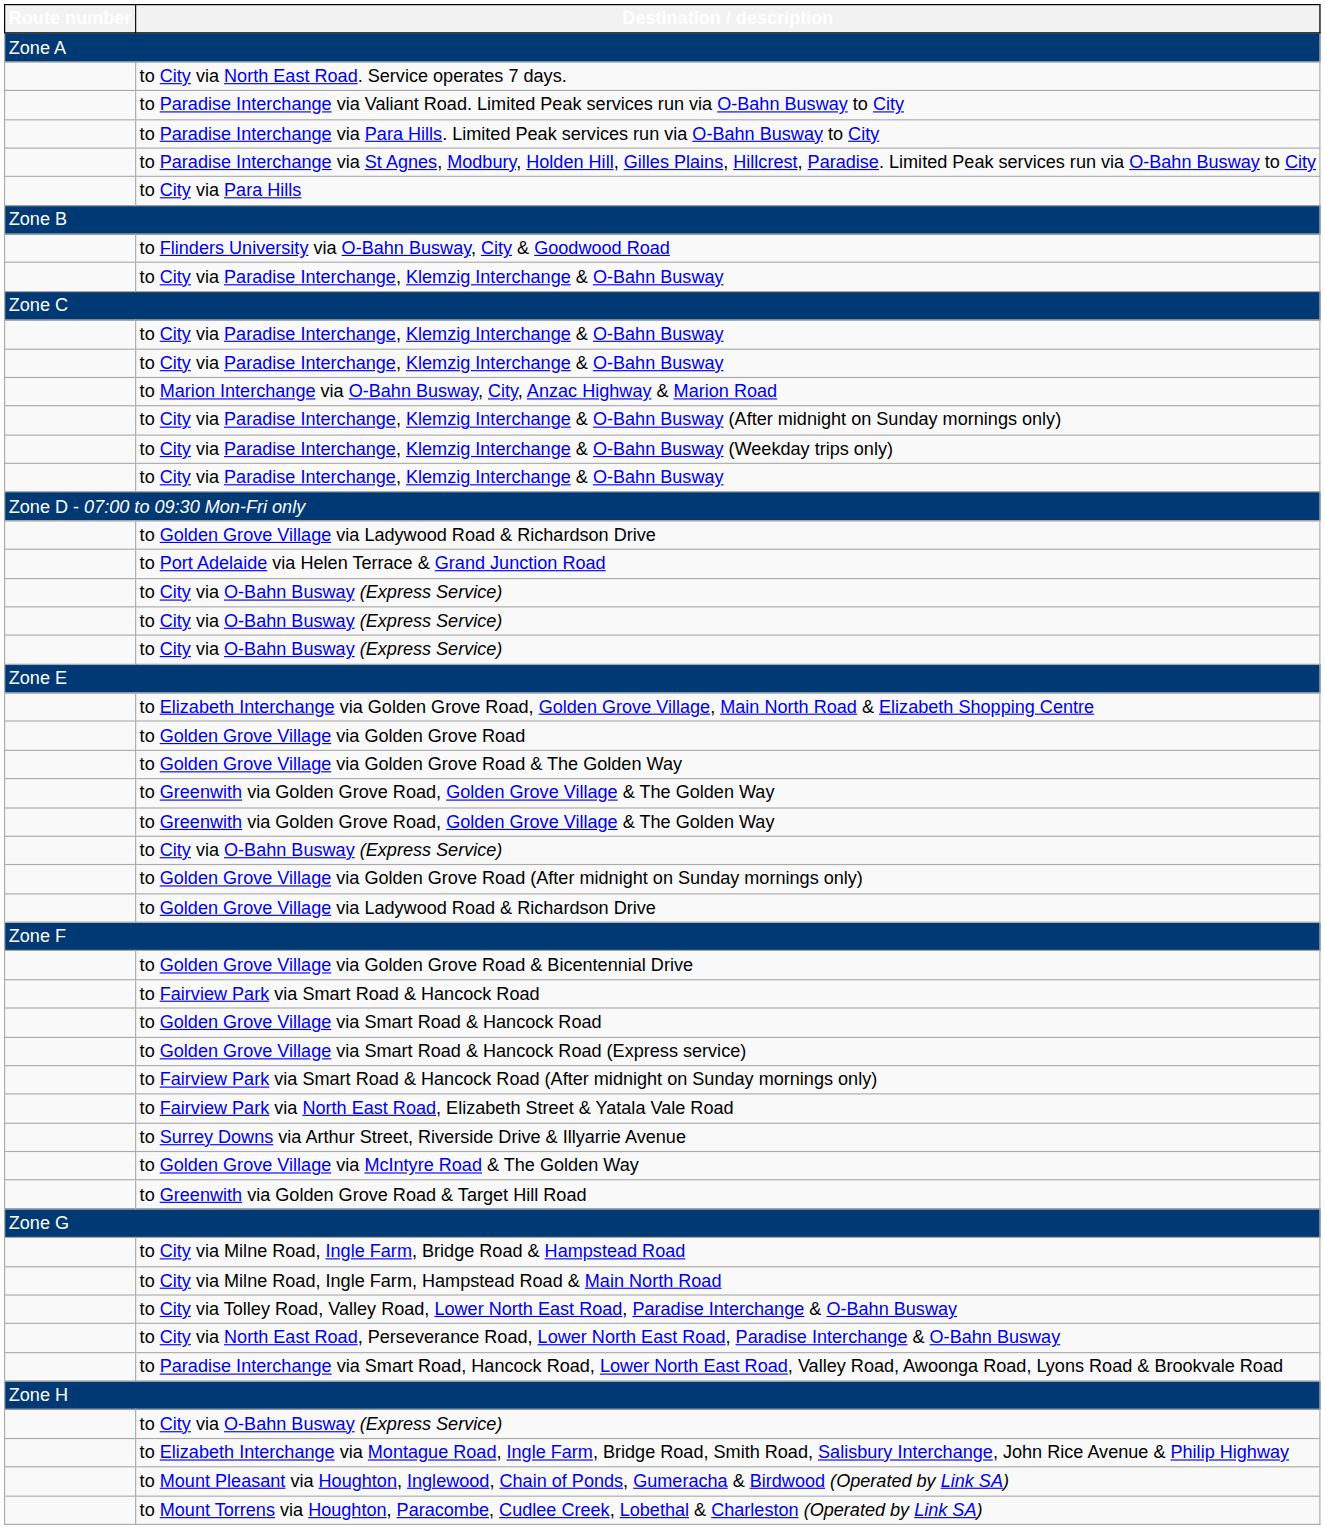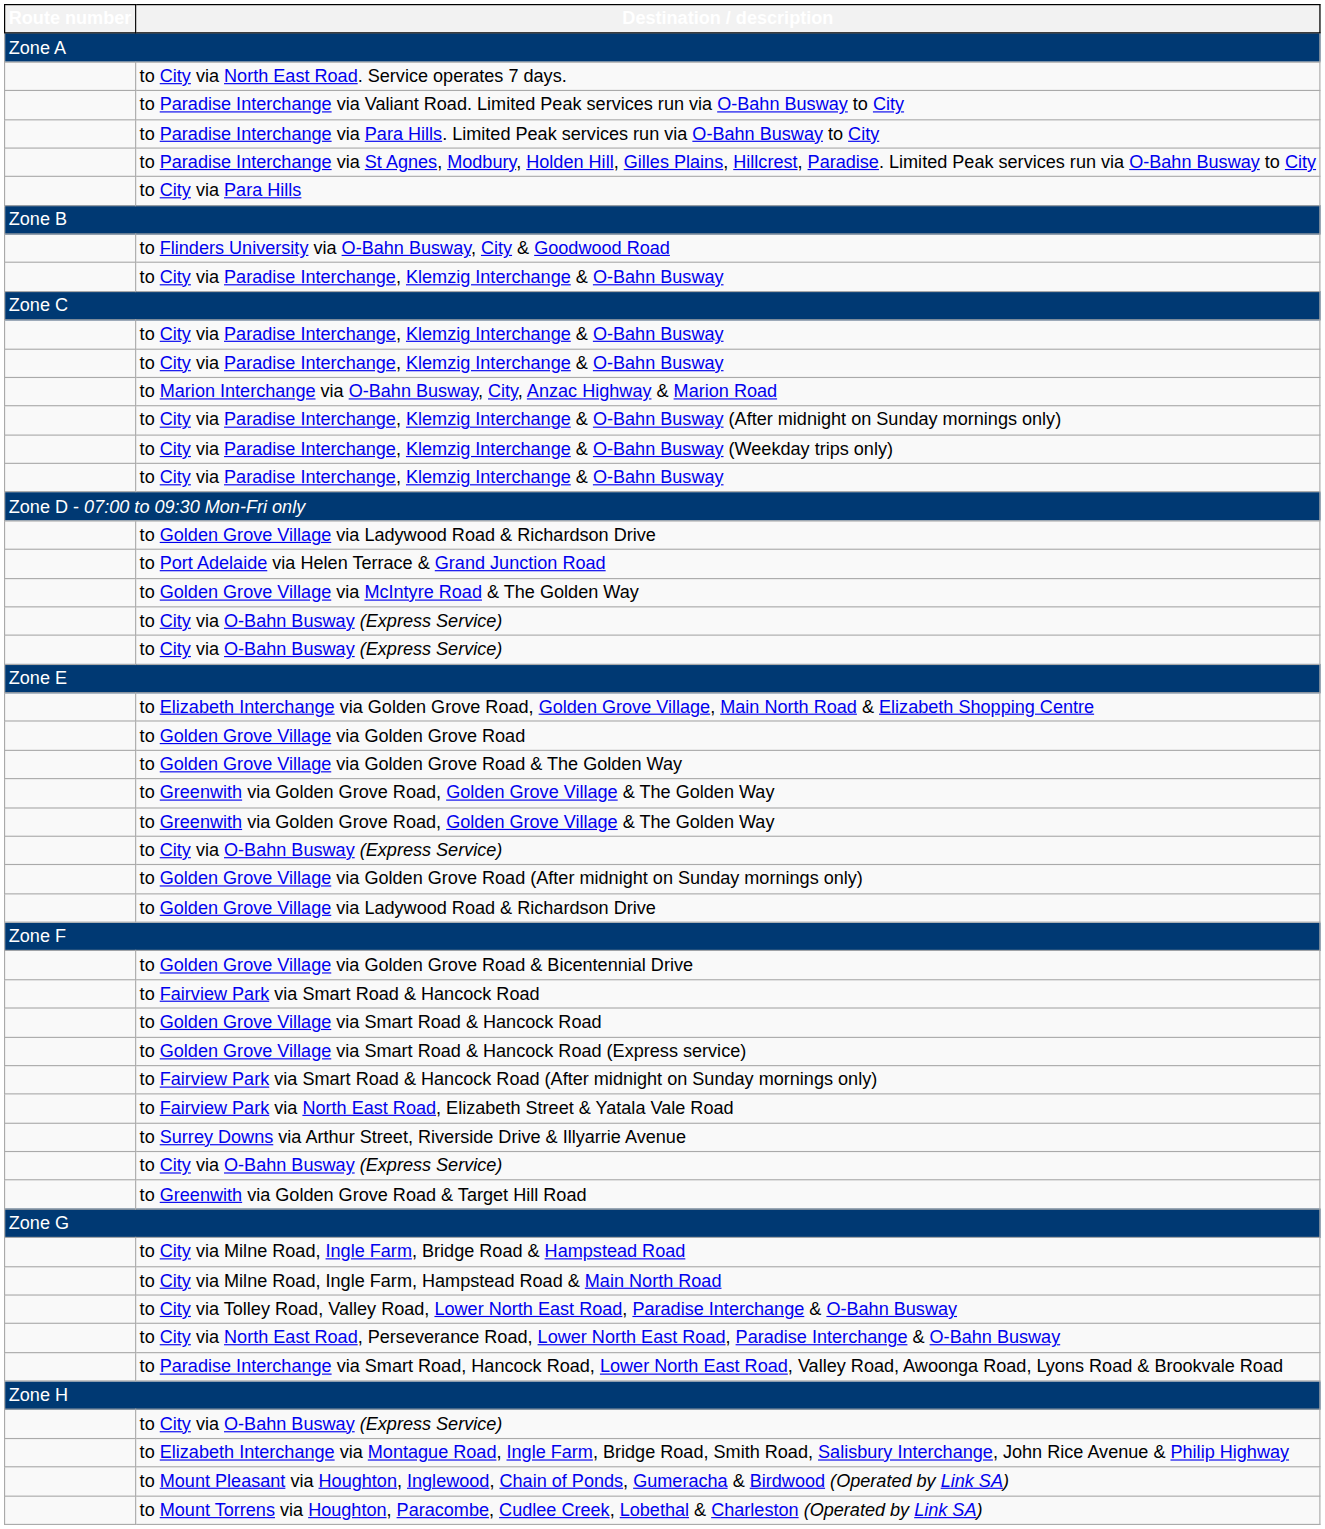 <table class="wikitable" style="float: none; margin-center: 1em; margin-bottom: 0.5em; border: black solid 1px">
 <tr style="color:white; background:#231e20;">
 <th style="border: black solid 1px;">Route number</th>
 <th style="border: black solid 1px;">Destination / description</th>
 </tr>
 <tr>
 <td colspan="2" style="color:white; background:#003973;">Zone A</td>
 </tr>
 <tr>
 <td></td>
 <td>to <a href='#'>City</a> via <a href='#'>North East Road</a>. Service operates 7 days.</td>
 </tr>
 <tr>
 <td></td>
 <td>to <a href='#'>Paradise Interchange</a> via Valiant Road. Limited Peak services run via <a href='#'>O-Bahn Busway</a> to <a href='#'>City</a></td>
 </tr>
 <tr>
 <td></td>
 <td>to <a href='#'>Paradise Interchange</a> via <a href='#'>Para Hills</a>. Limited Peak services run via <a href='#'>O-Bahn Busway</a> to <a href='#'>City</a></td>
 </tr>
 <tr>
 <td></td>
 <td>to <a href='#'>Paradise Interchange</a> via <a href='#'>St Agnes</a>, <a href='#'>Modbury</a>, <a href='#'>Holden Hill</a>, <a href='#'>Gilles Plains</a>, <a href='#'>Hillcrest</a>, <a href='#'>Paradise</a>. Limited Peak services run via <a href='#'>O-Bahn Busway</a> to <a href='#'>City</a></td>
 </tr>
 <tr>
 <td></td>
 <td>to <a href='#'>City</a> via <a href='#'>Para Hills</a></td>
 </tr>
 <tr>
 <td colspan="2" style="color:white; background:#003973;">Zone B</td>
 </tr>
 <tr>
 <td></td>
 <td>to <a href='#'>Flinders University</a> via <a href='#'>O-Bahn Busway</a>, <a href='#'>City</a> & <a href='#'>Goodwood Road</a></td>
 </tr>
 <tr>
 <td></td>
 <td>to <a href='#'>City</a> via <a href='#'>Paradise Interchange</a>, <a href='#'>Klemzig Interchange</a> & <a href='#'>O-Bahn Busway</a></td>
 </tr>
 <tr>
 <td colspan="2" style="color:white; background:#003973;">Zone C</td>
 </tr>
 <tr>
 <td></td>
 <td>to <a href='#'>City</a> via <a href='#'>Paradise Interchange</a>, <a href='#'>Klemzig Interchange</a> & <a href='#'>O-Bahn Busway</a></td>
 </tr>
 <tr>
 <td></td>
 <td>to <a href='#'>City</a> via <a href='#'>Paradise Interchange</a>, <a href='#'>Klemzig Interchange</a> & <a href='#'>O-Bahn Busway</a></td>
 </tr>
 <tr>
 <td></td>
 <td>to <a href='#'>Marion Interchange</a> via <a href='#'>O-Bahn Busway</a>, <a href='#'>City</a>, <a href='#'>Anzac Highway</a> & <a href='#'>Marion Road</a></td>
 </tr>
 <tr>
 <td></td>
 <td>to <a href='#'>City</a> via <a href='#'>Paradise Interchange</a>, <a href='#'>Klemzig Interchange</a> & <a href='#'>O-Bahn Busway</a> (After midnight on Sunday mornings only)</td>
 </tr>
 <tr>
 <td></td>
 <td>to <a href='#'>City</a> via <a href='#'>Paradise Interchange</a>, <a href='#'>Klemzig Interchange</a> & <a href='#'>O-Bahn Busway</a> (Weekday trips only)</td>
 </tr>
 <tr>
 <td></td>
 <td>to <a href='#'>City</a> via <a href='#'>Paradise Interchange</a>, <a href='#'>Klemzig Interchange</a> & <a href='#'>O-Bahn Busway</a></td>
 </tr>
 <tr>
 <td colspan="2" style="color:white; background:#003973;">Zone D - <em>07:00 to 09:30 Mon-Fri only</em></td>
 </tr>
 <tr>
 <td></td>
 <td>to <a href='#'>Golden Grove Village</a> via Ladywood Road & Richardson Drive</td>
 </tr>
 <tr>
 <td></td>
 <td>to <a href='#'>Port Adelaide</a> via Helen Terrace & <a href='#'>Grand Junction Road</a></td>
 </tr>
 <tr>
 <td></td>
-<td>to <a href='#'>City</a>  via <a href='#'>O-Bahn Busway</a> <em>(Express Service)</em></td>
+<td>to <a href='#'>Golden Grove Village</a> via <a href='#'>McIntyre Road</a> & The Golden Way</td>
 </tr>
 <tr>
 <td></td>
 <td>to <a href='#'>City</a>  via <a href='#'>O-Bahn Busway</a> <em>(Express Service)</em></td>
 </tr>
 <tr>
 <td></td>
 <td>to <a href='#'>City</a>  via <a href='#'>O-Bahn Busway</a> <em>(Express Service)</em></td>
 </tr>
 <tr>
 <td colspan="2" style="color:white; background:#003973;">Zone E</td>
 </tr>
 <tr>
 <td></td>
 <td>to <a href='#'>Elizabeth Interchange</a> via Golden Grove Road, <a href='#'>Golden Grove Village</a>, <a href='#'>Main North Road</a> & <a href='#'>Elizabeth Shopping Centre</a></td>
 </tr>
 <tr>
 <td></td>
 <td>to <a href='#'>Golden Grove Village</a> via Golden Grove Road</td>
 </tr>
 <tr>
 <td></td>
 <td>to <a href='#'>Golden Grove Village</a> via Golden Grove Road & The Golden Way</td>
 </tr>
 <tr>
 <td></td>
 <td>to <a href='#'>Greenwith</a> via Golden Grove Road, <a href='#'>Golden Grove Village</a> & The Golden Way</td>
 </tr>
 <tr>
 <td></td>
 <td>to <a href='#'>Greenwith</a> via Golden Grove Road, <a href='#'>Golden Grove Village</a> & The Golden Way</td>
 </tr>
 <tr>
 <td></td>
 <td>to <a href='#'>City</a>  via <a href='#'>O-Bahn Busway</a> <em>(Express Service)</em></td>
 </tr>
 <tr>
 <td></td>
 <td>to <a href='#'>Golden Grove Village</a> via Golden Grove Road (After midnight on Sunday mornings only)</td>
 </tr>
 <tr>
 <td></td>
 <td>to <a href='#'>Golden Grove Village</a> via Ladywood Road & Richardson Drive</td>
 </tr>
 <tr>
 <td colspan="2" style="color:white; background:#003973;">Zone F</td>
 </tr>
 <tr>
 <td></td>
 <td>to <a href='#'>Golden Grove Village</a> via Golden Grove Road & Bicentennial Drive</td>
 </tr>
 <tr>
 <td></td>
 <td>to <a href='#'>Fairview Park</a> via Smart Road & Hancock Road</td>
 </tr>
 <tr>
 <td></td>
 <td>to <a href='#'>Golden Grove Village</a> via Smart Road & Hancock Road</td>
 </tr>
 <tr>
 <td></td>
 <td>to <a href='#'>Golden Grove Village</a> via Smart Road & Hancock Road (Express service)</td>
 </tr>
 <tr>
 <td></td>
 <td>to <a href='#'>Fairview Park</a> via Smart Road & Hancock Road (After midnight on Sunday mornings only)</td>
 </tr>
 <tr>
 <td></td>
 <td>to <a href='#'>Fairview Park</a> via <a href='#'>North East Road</a>, Elizabeth Street & Yatala Vale Road</td>
 </tr>
 <tr>
 <td></td>
 <td>to <a href='#'>Surrey Downs</a> via Arthur Street, Riverside Drive & Illyarrie Avenue</td>
 </tr>
 <tr>
 <td></td>
-<td>to <a href='#'>Golden Grove Village</a> via <a href='#'>McIntyre Road</a> & The Golden Way</td>
+<td>to <a href='#'>City</a>  via <a href='#'>O-Bahn Busway</a> <em>(Express Service)</em></td>
 </tr>
 <tr>
 <td></td>
 <td>to <a href='#'>Greenwith</a> via Golden Grove Road & Target Hill Road</td>
 </tr>
 <tr>
 <td colspan="2" style="color:white; background:#003973;">Zone G</td>
 </tr>
 <tr>
 <td></td>
 <td>to <a href='#'>City</a> via Milne Road, <a href='#'>Ingle Farm</a>, Bridge Road & <a href='#'>Hampstead Road</a></td>
 </tr>
 <tr>
 <td></td>
 <td>to <a href='#'>City</a> via Milne Road, Ingle Farm, Hampstead Road & <a href='#'>Main North Road</a></td>
 </tr>
 <tr>
 <td></td>
 <td>to <a href='#'>City</a> via Tolley Road, Valley Road, <a href='#'>Lower North East Road</a>, <a href='#'>Paradise Interchange</a> & <a href='#'>O-Bahn Busway</a></td>
 </tr>
 <tr>
 <td></td>
 <td>to <a href='#'>City</a> via <a href='#'>North East Road</a>, Perseverance Road, <a href='#'>Lower North East Road</a>, <a href='#'>Paradise Interchange</a> & <a href='#'>O-Bahn Busway</a></td>
 </tr>
 <tr>
 <td></td>
 <td>to <a href='#'>Paradise Interchange</a> via Smart Road, Hancock Road, <a href='#'>Lower North East Road</a>, Valley Road, Awoonga Road, Lyons Road & Brookvale Road</td>
 </tr>
 <tr>
 <td colspan="2" style="color:white; background:#003973;">Zone H</td>
 </tr>
 <tr>
 <td></td>
 <td>to <a href='#'>City</a>  via <a href='#'>O-Bahn Busway</a> <em>(Express Service)</em></td>
 </tr>
 <tr>
 <td></td>
 <td>to <a href='#'>Elizabeth Interchange</a> via <a href='#'>Montague Road</a>, <a href='#'>Ingle Farm</a>, Bridge Road, Smith Road, <a href='#'>Salisbury Interchange</a>, John Rice Avenue & <a href='#'>Philip Highway</a></td>
 </tr>
 <tr>
 <td></td>
 <td>to <a href='#'>Mount Pleasant</a> via <a href='#'>Houghton</a>, <a href='#'>Inglewood</a>, <a href='#'>Chain of Ponds</a>, <a href='#'>Gumeracha</a> & <a href='#'>Birdwood</a> <em>(Operated by <a href='#'>Link SA</a>)</em></td>
 </tr>
 <tr>
 <td></td>
 <td>to <a href='#'>Mount Torrens</a> via <a href='#'>Houghton</a>, <a href='#'>Paracombe</a>, <a href='#'>Cudlee Creek</a>, <a href='#'>Lobethal</a> & <a href='#'>Charleston</a> <em>(Operated by <a href='#'>Link SA</a>)</em></td>
 </tr>
 </table>
